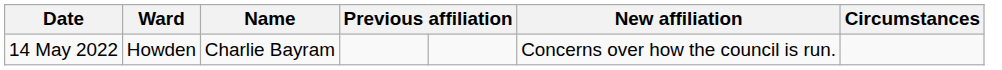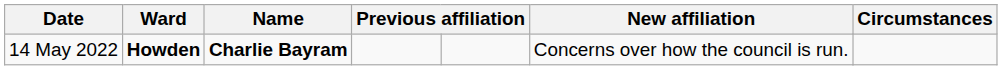 <table class="wikitable">
 <tr>
 <th>Date</th>
 <th>Ward</th>
 <th>Name</th>
 <th colspan="2">Previous affiliation</th>
 <th colspan="2">New affiliation</th>
 <th>Circumstances</th>
 </tr>
 <tr>
 <td>14 May 2022</td>
-<td>Howden</td>
-<td>Charlie Bayram</td>
+<td><strong>Howden</strong></td>
+<td><strong>Charlie Bayram</strong></td>
 <td></td>
 <td></td>
 <td>Concerns over how the council is run.</td>
 </tr>
 </table>
